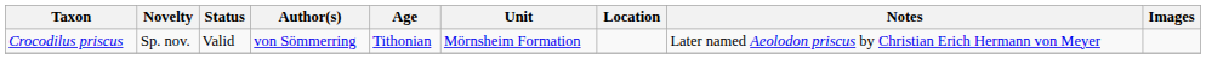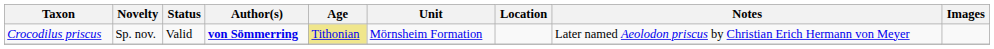 <table class="wikitable sortable" align="center" width="100%">
 <tr>
 <th>Taxon</th>
 <th>Novelty</th>
 <th>Status</th>
 <th>Author(s)</th>
 <th>Age</th>
 <th>Unit</th>
 <th>Location</th>
 <th>Notes</th>
 <th>Images</th>
 </tr>
 <tr>
 <td><em><a href='#'>Crocodilus priscus</a></em></td>
 <td>Sp. nov.</td>
 <td>Valid</td>
-<td><a href='#'>von Sömmerring</a></td>
-<td><a href='#'>Tithonian</a></td>
+<td><strong><a href='#'>von Sömmerring</a></strong></td>
+<td style="background: khaki;"><a href='#'>Tithonian</a></td>
 <td><a href='#'>Mörnsheim Formation</a></td>
 <td></td>
 <td>Later named <em><a href='#'>Aeolodon priscus</a></em> by <a href='#'>Christian Erich Hermann von Meyer</a></td>
 <td></td>
 </tr>
 <tr>
 </tr>
 </table>
